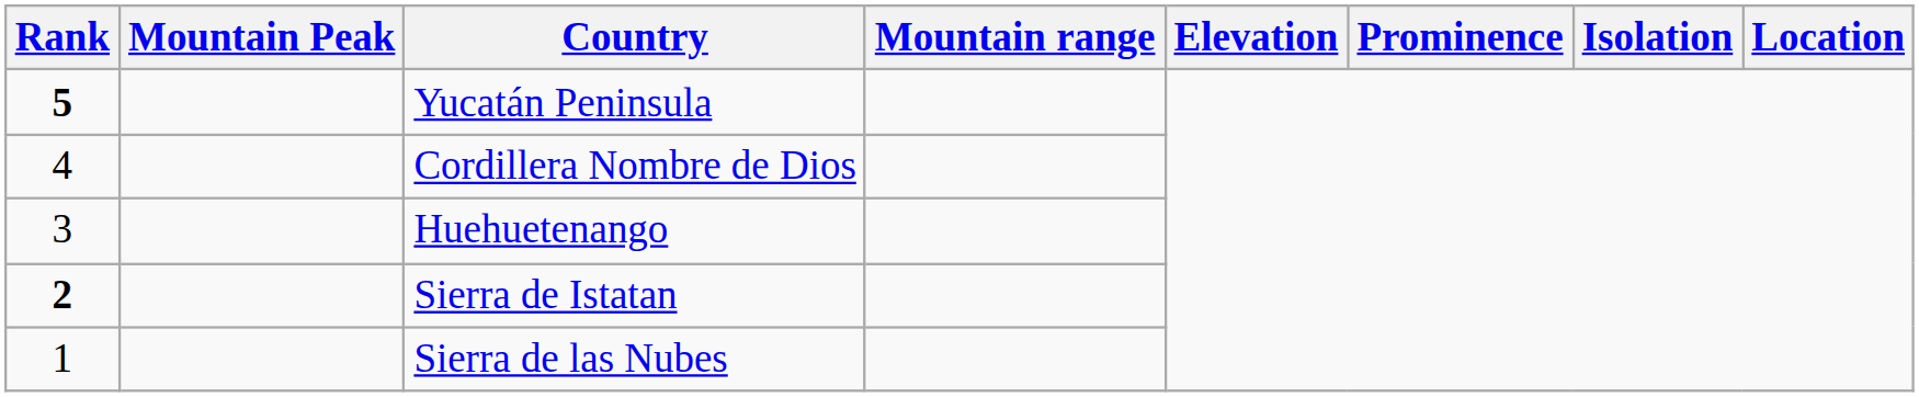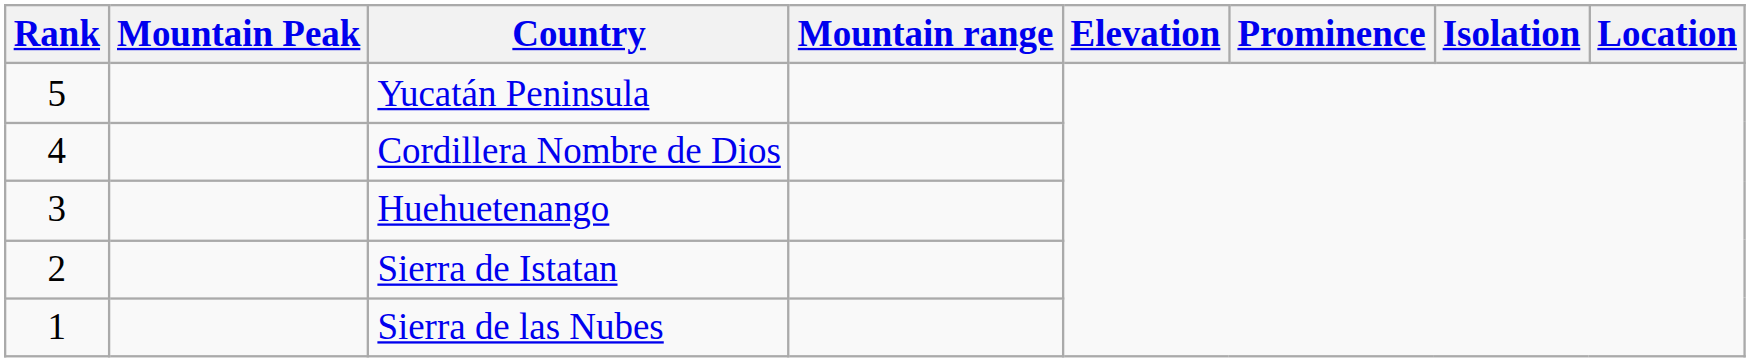 <table class="wikitable sortable">
 <tr>
 <th><a href='#'>Rank</a></th>
 <th><a href='#'>Mountain Peak</a></th>
 <th><a href='#'>Country</a></th>
 <th><a href='#'>Mountain range</a></th>
 <th><a href='#'>Elevation</a></th>
 <th><a href='#'>Prominence</a></th>
 <th><a href='#'>Isolation</a></th>
 <th><a href='#'>Location</a></th>
 </tr>
 <tr>
-<td align=center><strong>5<br></strong></td>
+<td align=center>5<br></td>
 <td></td>
 <td><a href='#'>Yucatán Peninsula</a><br></td>
 <td></td>
 </tr>
 <tr>
 <td align=center>4<br></td>
 <td></td>
 <td><a href='#'>Cordillera Nombre de Dios</a><br></td>
 <td></td>
 </tr>
 <tr>
 <td align=center>3<br></td>
 <td></td>
 <td><a href='#'>Huehuetenango</a><br></td>
 <td></td>
 </tr>
 <tr>
-<td align=center><strong>2<br></strong></td>
+<td align=center>2<br></td>
 <td><br></td>
 <td><a href='#'>Sierra de Istatan</a><br></td>
 <td></td>
 </tr>
 <tr>
 <td align=center>1<br></td>
 <td></td>
 <td><a href='#'>Sierra de las Nubes</a><br></td>
 <td></td>
 </tr>
 </table>
